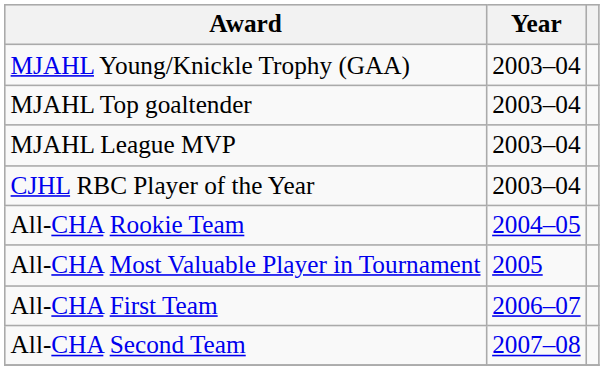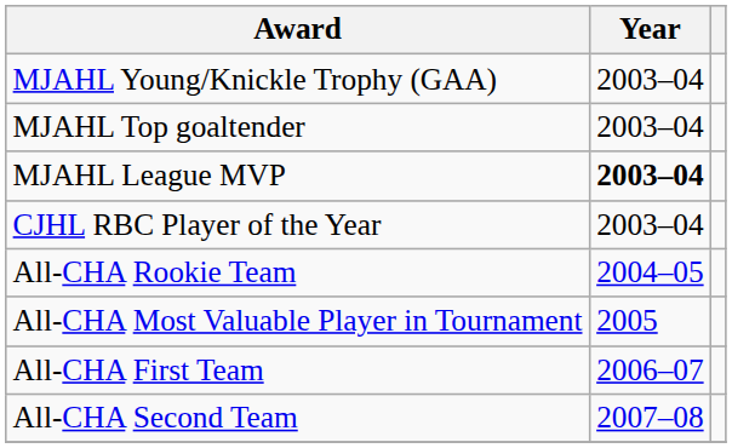 <table class="wikitable">
 <tr>
 <th>Award</th>
 <th>Year</th>
 <th></th>
 </tr>
 <tr>
 <td><a href='#'>MJAHL</a> Young/Knickle Trophy (GAA)</td>
 <td>2003–04</td>
 <td></td>
 </tr>
 <tr>
 <td>MJAHL Top goaltender</td>
 <td>2003–04</td>
 <td></td>
 </tr>
 <tr>
 <td>MJAHL League MVP</td>
-<td>2003–04</td>
+<td><strong>2003–04</strong></td>
 <td></td>
 </tr>
 <tr>
 <td><a href='#'>CJHL</a> RBC Player of the Year</td>
 <td>2003–04</td>
 <td></td>
 </tr>
 <tr>
 <td>All-<a href='#'>CHA</a> <a href='#'>Rookie Team</a></td>
 <td><a href='#'>2004–05</a></td>
 <td></td>
 </tr>
 <tr>
 <td>All-<a href='#'>CHA</a> <a href='#'>Most Valuable Player in Tournament</a></td>
 <td><a href='#'>2005</a></td>
 <td></td>
 </tr>
 <tr>
 <td>All-<a href='#'>CHA</a> <a href='#'>First Team</a></td>
 <td><a href='#'>2006–07</a></td>
 <td></td>
 </tr>
 <tr>
 <td>All-<a href='#'>CHA</a> <a href='#'>Second Team</a></td>
 <td><a href='#'>2007–08</a></td>
 <td></td>
 </tr>
 <tr>
 </tr>
 </table>
